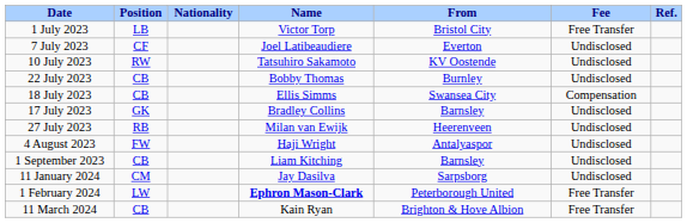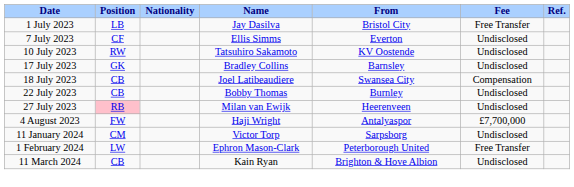 <table class="wikitable sortable alternance" style="font-size:100%; text-align:center; line-height:14px; width:100%;">
 <tr>
 <th style="background:#AAD0FF; color:#000080; width:120px;">Date</th>
 <th style="background:#AAD0FF; color:#000080; width:50px;">Position</th>
 <th style="background:#AAD0FF; color:#000080; width:50px;">Nationality</th>
 <th style="background:#AAD0FF; color:#000080; width:150px;">Name</th>
 <th style="background:#AAD0FF; color:#000080; width:200px;">From</th>
 <th style="background:#AAD0FF; color:#000080; width:110px;">Fee</th>
 <th style="background:#AAD0FF; color:#000080; width:25px;">Ref.</th>
 </tr>
 <tr>
 <td>1 July 2023</td>
 <td><a href='#'>LB</a></td>
 <td></td>
-<td><a href='#'>Victor Torp</a></td>
+<td><a href='#'>Jay Dasilva</a></td>
 <td> <a href='#'>Bristol City</a></td>
 <td>Free Transfer</td>
 <td></td>
 </tr>
 <tr>
 <td>7 July 2023</td>
 <td><a href='#'>CF</a></td>
 <td></td>
-<td><a href='#'>Joel Latibeaudiere</a></td>
+<td><a href='#'>Ellis Simms</a></td>
 <td> <a href='#'>Everton</a></td>
 <td>Undisclosed</td>
 <td></td>
 </tr>
 <tr>
 <td>10 July 2023</td>
 <td><a href='#'>RW</a></td>
 <td></td>
 <td><a href='#'>Tatsuhiro Sakamoto</a></td>
 <td> <a href='#'>KV Oostende</a></td>
 <td>Undisclosed</td>
 <td></td>
 </tr>
 <tr>
+<td>17 July 2023</td>
+<td><a href='#'>GK</a></td>
+<td></td>
+<td><a href='#'>Bradley Collins</a></td>
+<td> <a href='#'>Barnsley</a></td>
+<td>Undisclosed</td>
+<td></td>
+</tr>
+<tr>
+<td>18 July 2023</td>
+<td><a href='#'>CB</a></td>
+<td></td>
+<td><a href='#'>Joel Latibeaudiere</a></td>
+<td> <a href='#'>Swansea City</a></td>
+<td>Compensation</td>
+<td></td>
+</tr>
+<tr>
 <td>22 July 2023</td>
 <td><a href='#'>CB</a></td>
 <td></td>
 <td><a href='#'>Bobby Thomas</a></td>
 <td> <a href='#'>Burnley</a></td>
 <td>Undisclosed</td>
 <td></td>
 </tr>
 <tr>
-<td>18 July 2023</td>
-<td><a href='#'>CB</a></td>
-<td></td>
-<td><a href='#'>Ellis Simms</a></td>
-<td> <a href='#'>Swansea City</a></td>
-<td>Compensation</td>
-<td></td>
-</tr>
-<tr>
-<td>17 July 2023</td>
-<td><a href='#'>GK</a></td>
-<td></td>
-<td><a href='#'>Bradley Collins</a></td>
-<td> <a href='#'>Barnsley</a></td>
-<td>Undisclosed</td>
-<td></td>
-</tr>
-<tr>
 <td>27 July 2023</td>
-<td><a href='#'>RB</a></td>
+<td style="background: pink;"><a href='#'>RB</a></td>
 <td></td>
 <td><a href='#'>Milan van Ewijk</a></td>
 <td> <a href='#'>Heerenveen</a></td>
 <td>Undisclosed</td>
 <td></td>
 </tr>
 <tr>
 <td>4 August 2023</td>
 <td><a href='#'>FW</a></td>
 <td></td>
 <td><a href='#'>Haji Wright</a></td>
 <td> <a href='#'>Antalyaspor</a></td>
-<td>Undisclosed</td>
-<td></td>
-</tr>
-<tr>
-<td>1 September 2023</td>
-<td><a href='#'>CB</a></td>
-<td></td>
-<td><a href='#'>Liam Kitching</a></td>
-<td> <a href='#'>Barnsley</a></td>
-<td>Undisclosed</td>
+<td>£7,700,000</td>
 <td></td>
 </tr>
 <tr>
 <td>11 January 2024</td>
 <td><a href='#'>CM</a></td>
 <td></td>
-<td><a href='#'>Jay Dasilva</a></td>
+<td><a href='#'>Victor Torp</a></td>
 <td> <a href='#'>Sarpsborg</a></td>
 <td>Undisclosed</td>
 <td></td>
 </tr>
 <tr>
 <td>1 February 2024</td>
 <td><a href='#'>LW</a></td>
 <td></td>
-<td><strong><a href='#'>Ephron Mason-Clark</a></strong></td>
+<td><a href='#'>Ephron Mason-Clark</a></td>
 <td> <a href='#'>Peterborough United</a></td>
 <td>Free Transfer</td>
 <td></td>
 </tr>
 <tr>
 <td>11 March 2024</td>
 <td><a href='#'>CB</a></td>
 <td></td>
 <td>Kain Ryan</td>
 <td> <a href='#'>Brighton & Hove Albion</a></td>
-<td>Free Transfer</td>
+<td>Undisclosed</td>
 <td></td>
 </tr>
 </table>
